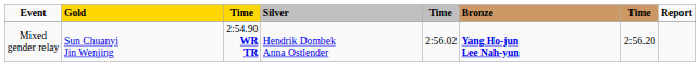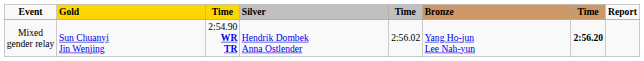 <table class="wikitable">
 <tr>
 <td width="80" align="center"><strong>Event</strong></td>
 <td width="240" bgcolor="gold"><strong>Gold</strong></td>
 <td width="50" bgcolor="gold" align="center"><strong>Time</strong></td>
 <td width="240" bgcolor="silver"><strong>Silver</strong></td>
 <td width="50" bgcolor="silver" align="center"><strong>Time</strong></td>
 <td width="240" bgcolor="#CC9966"><strong>Bronze</strong></td>
 <td width="50" bgcolor="#CC9966" align="center"><strong>Time</strong></td>
 <td width="50" align="center"><strong>Report</strong></td>
 </tr>
 <tr bgcolor="#cccccc">
 </tr>
 <tr>
 <td align="center">Mixed gender relay</td>
 <td><br><a href='#'>Sun Chuanyi</a><br><a href='#'>Jin Wenjing</a></td>
 <td align="right">2:54.90<br><strong><a href='#'>WR</a></strong><br><strong><a href='#'>TR</a></strong></td>
 <td><br><a href='#'>Hendrik Dombek</a><br><a href='#'>Anna Ostlender</a></td>
 <td align="right">2:56.02</td>
-<td><strong><br><a href='#'>Yang Ho-jun</a><br><a href='#'>Lee Nah-yun</a></strong></td>
-<td align="right">2:56.20</td>
+<td><br><a href='#'>Yang Ho-jun</a><br><a href='#'>Lee Nah-yun</a></td>
+<td align="right"><strong>2:56.20</strong></td>
 <td align="center"></td>
 </tr>
 </table>
